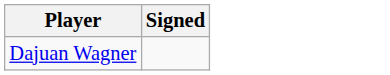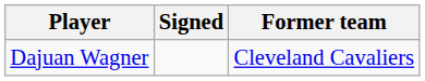 <table class="wikitable sortable sortable" style="text-align: center">
 <tr>
 <th>Player</th>
 <th>Signed</th>
+<th>Former team</th>
 </tr>
 <tr style="text-align: center">
 <td><a href='#'>Dajuan Wagner</a></td>
 <td></td>
+<td><a href='#'>Cleveland Cavaliers</a></td>
 </tr>
 </table>
